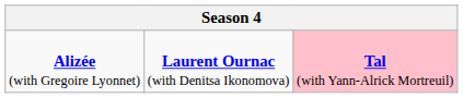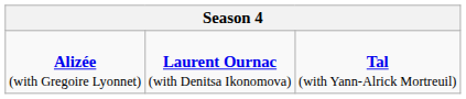 <table class="wikitable" style="float:left; margin:0.5em;">
 <tr>
 <th colspan="3"><strong>Season 4</strong></th>
 </tr>
 <tr>
 <td align="center"><br><strong><a href='#'>Alizée</a></strong><br><small>(with Gregoire Lyonnet)</small></td>
 <td align="center"><br><strong><a href='#'>Laurent Ournac</a></strong><br><small>(with Denitsa Ikonomova)</small></td>
-<td align="center" style="background: pink;"><br><strong><a href='#'>Tal</a></strong><br><small>(with Yann-Alrick Mortreuil)</small></td>
+<td align="center"><br><strong><a href='#'>Tal</a></strong><br><small>(with Yann-Alrick Mortreuil)</small></td>
 </tr>
 </table>
